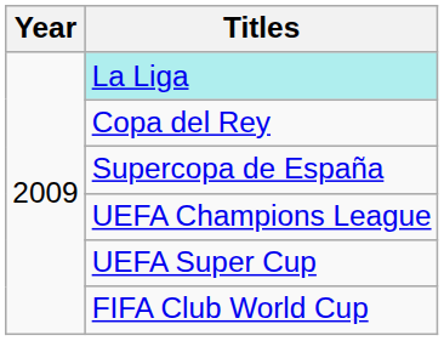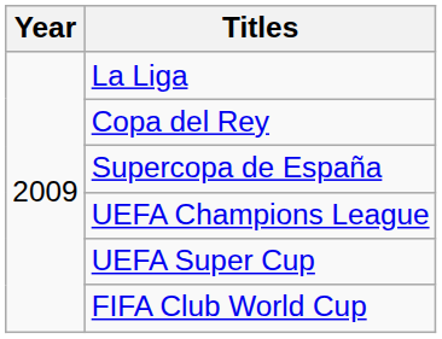 <table class="wikitable">
 <tr>
 <th>Year</th>
 <th>Titles</th>
 </tr>
 <tr>
 <td rowspan="6">2009</td>
-<td style="background: paleturquoise;"><a href='#'>La Liga</a></td>
+<td><a href='#'>La Liga</a></td>
 </tr>
 <tr>
 <td><a href='#'>Copa del Rey</a></td>
 </tr>
 <tr>
 <td><a href='#'>Supercopa de España</a></td>
 </tr>
 <tr>
 <td><a href='#'>UEFA Champions League</a></td>
 </tr>
 <tr>
 <td><a href='#'>UEFA Super Cup</a></td>
 </tr>
 <tr>
 <td><a href='#'>FIFA Club World Cup</a></td>
 </tr>
 </table>
